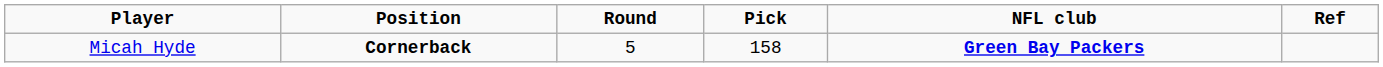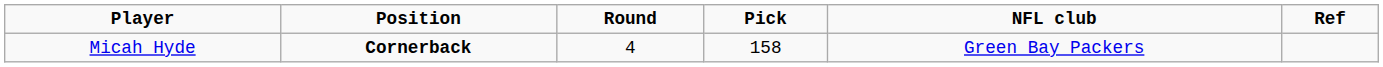 <table class="wikitable" width="80%">
 <tr align="center">
 <td><strong>Player</strong></td>
 <td><strong>Position</strong></td>
 <td><strong>Round</strong></td>
 <td><strong>Pick</strong></td>
 <td><strong>NFL club</strong></td>
 <td><strong>Ref</strong></td>
 </tr>
 <tr align="center" bgcolor="">
 <td><a href='#'>Micah Hyde</a></td>
 <td><strong>Cornerback</strong></td>
-<td>5</td>
+<td>4</td>
 <td>158</td>
-<td><strong><a href='#'>Green Bay Packers</a></strong></td>
+<td><a href='#'>Green Bay Packers</a></td>
 <td></td>
 </tr>
 </table>
